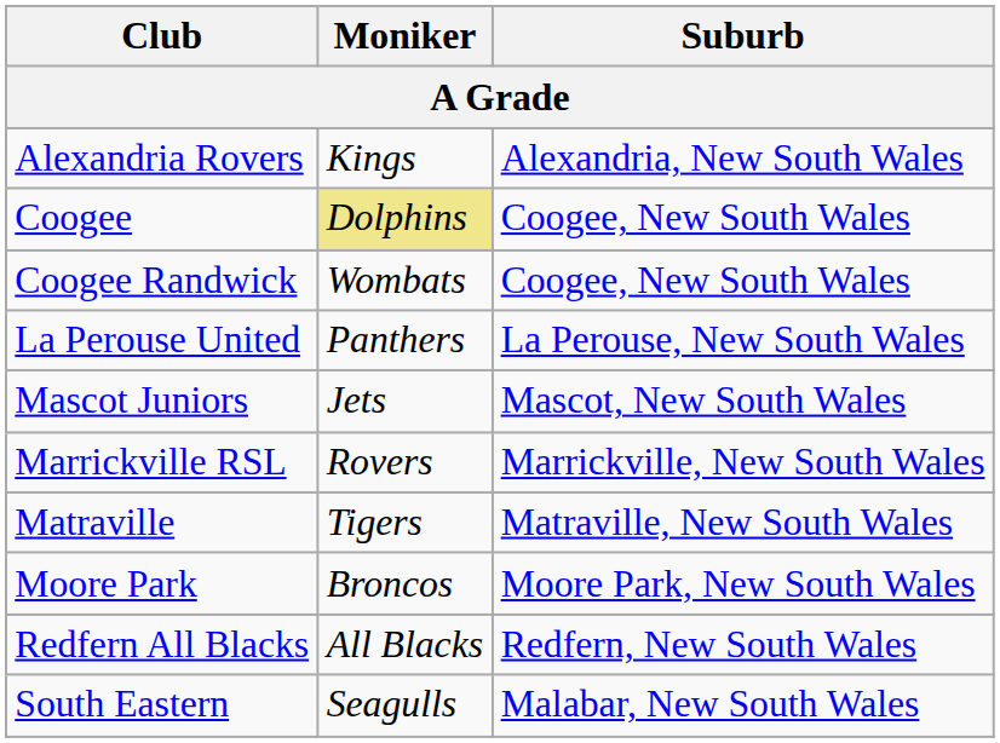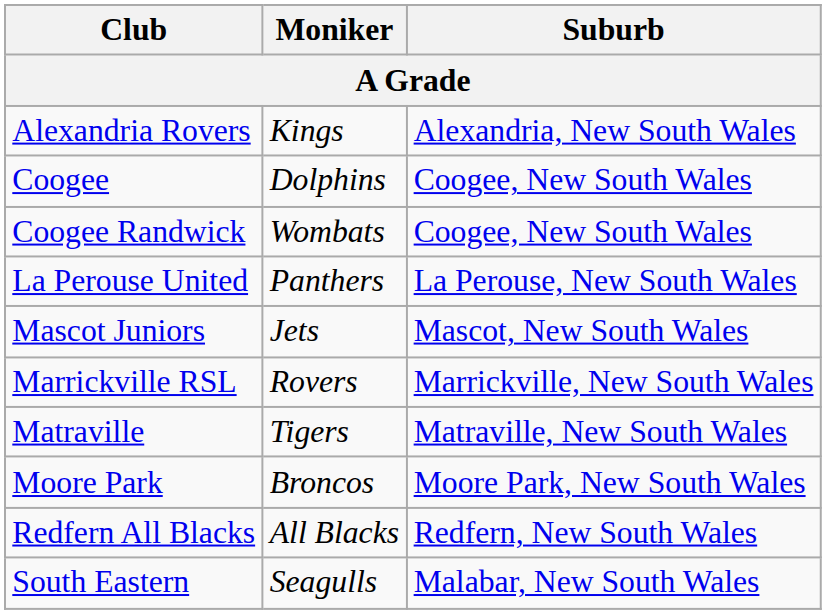 <table class="wikitable">
 <tr>
 <th>Club</th>
 <th>Moniker</th>
 <th>Suburb</th>
 </tr>
 <tr>
 <th colspan="3">A Grade</th>
 </tr>
 <tr>
 <td> <a href='#'>Alexandria Rovers</a></td>
 <td><em>Kings</em></td>
 <td><a href='#'>Alexandria, New South Wales</a></td>
 </tr>
 <tr>
 <td> <a href='#'>Coogee</a></td>
-<td style="background: khaki;"><em>Dolphins</em></td>
+<td><em>Dolphins</em></td>
 <td><a href='#'>Coogee, New South Wales</a></td>
 </tr>
 <tr>
 <td> <a href='#'>Coogee Randwick</a></td>
 <td><em>Wombats</em></td>
 <td><a href='#'>Coogee, New South Wales</a></td>
 </tr>
 <tr>
 <td> <a href='#'>La Perouse United</a></td>
 <td><em>Panthers</em></td>
 <td><a href='#'>La Perouse, New South Wales</a></td>
 </tr>
 <tr>
 <td> <a href='#'>Mascot Juniors</a></td>
 <td><em>Jets</em></td>
 <td><a href='#'>Mascot, New South Wales</a></td>
 </tr>
 <tr>
 <td> <a href='#'>Marrickville RSL</a></td>
 <td><em>Rovers</em></td>
 <td><a href='#'>Marrickville, New South Wales</a></td>
 </tr>
 <tr>
 <td> <a href='#'>Matraville</a></td>
 <td><em>Tigers</em></td>
 <td><a href='#'>Matraville, New South Wales</a></td>
 </tr>
 <tr>
 <td> <a href='#'>Moore Park</a></td>
 <td><em>Broncos</em></td>
 <td><a href='#'>Moore Park, New South Wales</a></td>
 </tr>
 <tr>
 <td> <a href='#'>Redfern All Blacks</a></td>
 <td><em>All Blacks</em></td>
 <td><a href='#'>Redfern, New South Wales</a></td>
 </tr>
 <tr>
 <td> <a href='#'>South Eastern</a></td>
 <td><em>Seagulls</em></td>
 <td><a href='#'>Malabar, New South Wales</a></td>
 </tr>
 </table>
